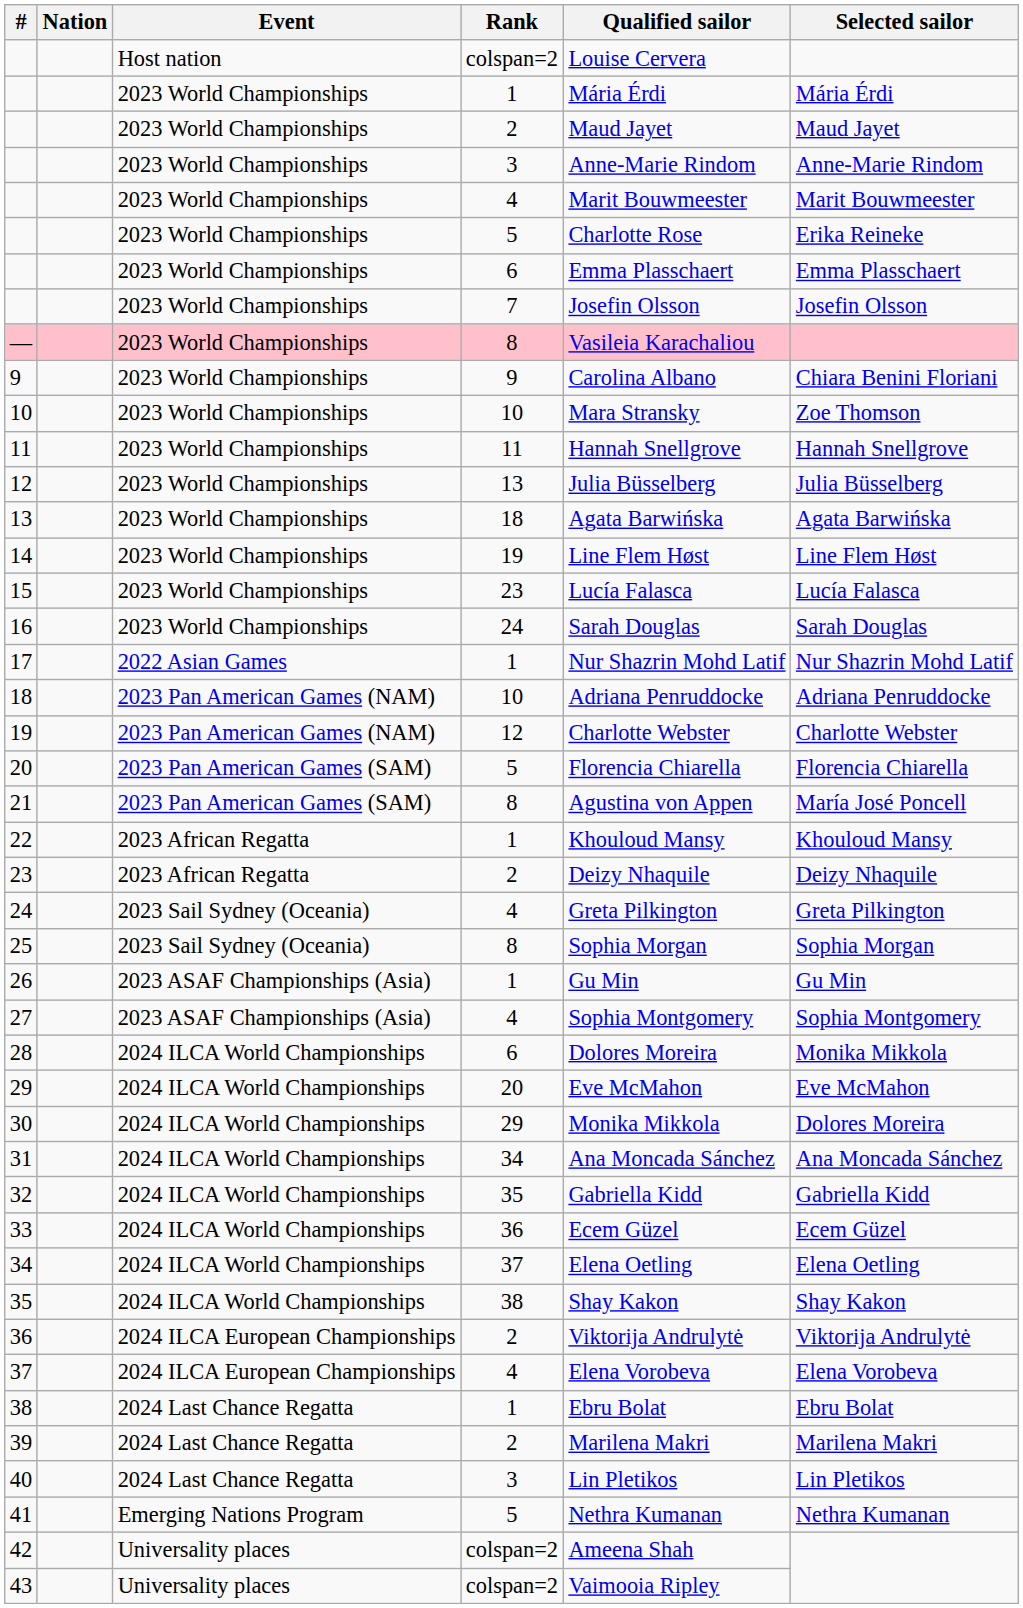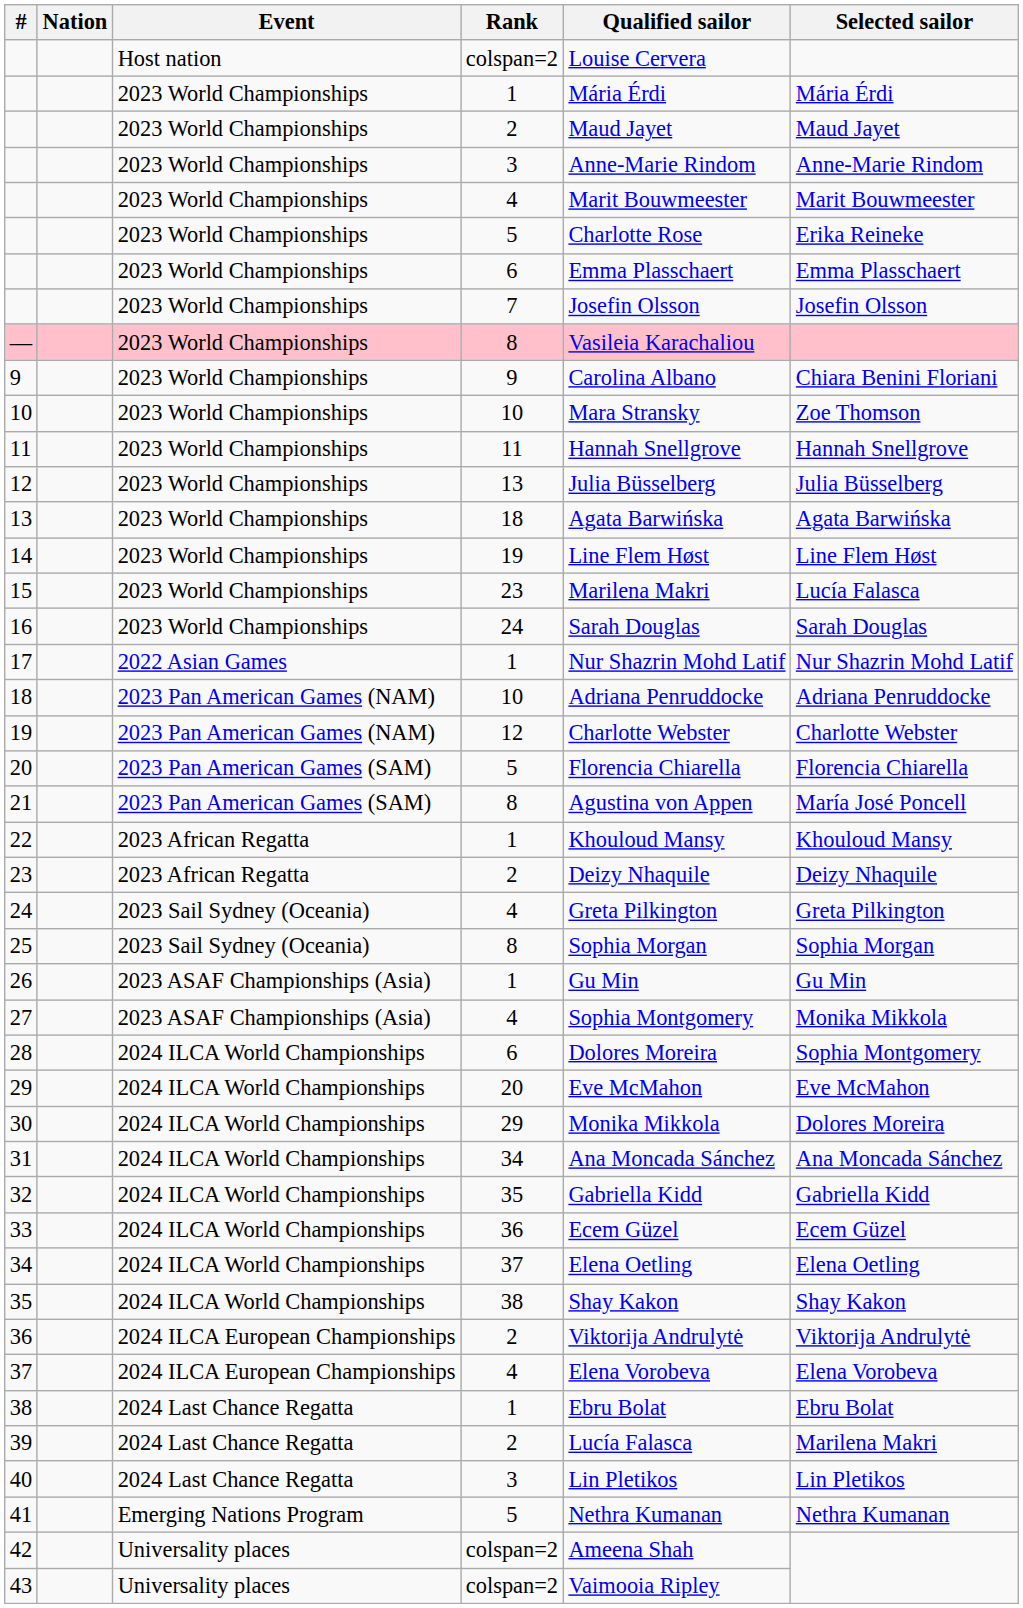 <table class="sortable wikitable">
 <tr>
 <th>#</th>
 <th>Nation</th>
 <th>Event</th>
 <th>Rank</th>
 <th>Qualified sailor</th>
 <th>Selected sailor</th>
 </tr>
 <tr>
 <td></td>
 <td></td>
 <td>Host nation</td>
 <td>colspan=2 </td>
 <td><a href='#'>Louise Cervera</a></td>
 </tr>
 <tr>
 <td></td>
 <td></td>
 <td>2023 World Championships</td>
 <td align=center>1</td>
 <td><a href='#'>Mária Érdi</a></td>
 <td><a href='#'>Mária Érdi</a></td>
 </tr>
 <tr>
 <td></td>
 <td></td>
 <td>2023 World Championships</td>
 <td align=center>2</td>
 <td><a href='#'>Maud Jayet</a></td>
 <td><a href='#'>Maud Jayet</a></td>
 </tr>
 <tr>
 <td></td>
 <td></td>
 <td>2023 World Championships</td>
 <td align=center>3</td>
 <td><a href='#'>Anne-Marie Rindom</a></td>
 <td><a href='#'>Anne-Marie Rindom</a></td>
 </tr>
 <tr>
 <td></td>
 <td></td>
 <td>2023 World Championships</td>
 <td align=center>4</td>
 <td><a href='#'>Marit Bouwmeester</a></td>
 <td><a href='#'>Marit Bouwmeester</a></td>
 </tr>
 <tr>
 <td></td>
 <td></td>
 <td>2023 World Championships</td>
 <td align=center>5</td>
 <td><a href='#'>Charlotte Rose</a></td>
 <td><a href='#'>Erika Reineke</a></td>
 </tr>
 <tr>
 <td></td>
 <td></td>
 <td>2023 World Championships</td>
 <td align=center>6</td>
 <td><a href='#'>Emma Plasschaert</a></td>
 <td><a href='#'>Emma Plasschaert</a></td>
 </tr>
 <tr>
 <td></td>
 <td></td>
 <td>2023 World Championships</td>
 <td align=center>7</td>
 <td><a href='#'>Josefin Olsson</a></td>
 <td><a href='#'>Josefin Olsson</a></td>
 </tr>
 <tr style="background:pink;">
 <td>—</td>
 <td></td>
 <td>2023 World Championships</td>
 <td align=center>8</td>
 <td><a href='#'>Vasileia Karachaliou</a></td>
 <td></td>
 </tr>
 <tr>
 <td>9</td>
 <td></td>
 <td>2023 World Championships</td>
 <td align=center>9</td>
 <td><a href='#'>Carolina Albano</a></td>
 <td><a href='#'>Chiara Benini Floriani</a></td>
 </tr>
 <tr>
 <td>10</td>
 <td></td>
 <td>2023 World Championships</td>
 <td align=center>10</td>
 <td><a href='#'>Mara Stransky</a></td>
 <td><a href='#'>Zoe Thomson</a></td>
 </tr>
 <tr>
 <td>11</td>
 <td></td>
 <td>2023 World Championships</td>
 <td align=center>11</td>
 <td><a href='#'>Hannah Snellgrove</a></td>
 <td><a href='#'>Hannah Snellgrove</a></td>
 </tr>
 <tr>
 <td>12</td>
 <td></td>
 <td>2023 World Championships</td>
 <td align=center>13</td>
 <td><a href='#'>Julia Büsselberg</a></td>
 <td><a href='#'>Julia Büsselberg</a></td>
 </tr>
 <tr>
 <td>13</td>
 <td></td>
 <td>2023 World Championships</td>
 <td align=center>18</td>
 <td><a href='#'>Agata Barwińska</a></td>
 <td><a href='#'>Agata Barwińska</a></td>
 </tr>
 <tr>
 <td>14</td>
 <td></td>
 <td>2023 World Championships</td>
 <td align=center>19</td>
 <td><a href='#'>Line Flem Høst</a></td>
 <td><a href='#'>Line Flem Høst</a></td>
 </tr>
 <tr>
 <td>15</td>
 <td></td>
 <td>2023 World Championships</td>
 <td align=center>23</td>
-<td><a href='#'>Lucía Falasca</a></td>
+<td><a href='#'>Marilena Makri</a></td>
 <td><a href='#'>Lucía Falasca</a></td>
 </tr>
 <tr>
 <td>16</td>
 <td></td>
 <td>2023 World Championships</td>
 <td align=center>24</td>
 <td><a href='#'>Sarah Douglas</a></td>
 <td><a href='#'>Sarah Douglas</a></td>
 </tr>
 <tr>
 <td>17</td>
 <td></td>
 <td><a href='#'>2022 Asian Games</a></td>
 <td align=center>1</td>
 <td><a href='#'>Nur Shazrin Mohd Latif</a></td>
 <td><a href='#'>Nur Shazrin Mohd Latif</a></td>
 </tr>
 <tr>
 <td>18</td>
 <td></td>
 <td><a href='#'>2023 Pan American Games</a> (NAM)</td>
 <td align=center>10</td>
 <td><a href='#'>Adriana Penruddocke</a></td>
 <td><a href='#'>Adriana Penruddocke</a></td>
 </tr>
 <tr>
 <td>19</td>
 <td></td>
 <td><a href='#'>2023 Pan American Games</a> (NAM)</td>
 <td align=center>12</td>
 <td><a href='#'>Charlotte Webster</a></td>
 <td><a href='#'>Charlotte Webster</a></td>
 </tr>
 <tr>
 <td>20</td>
 <td></td>
 <td><a href='#'>2023 Pan American Games</a> (SAM)</td>
 <td align=center>5</td>
 <td><a href='#'>Florencia Chiarella</a></td>
 <td><a href='#'>Florencia Chiarella</a></td>
 </tr>
 <tr>
 <td>21</td>
 <td></td>
 <td><a href='#'>2023 Pan American Games</a> (SAM)</td>
 <td align=center>8</td>
 <td><a href='#'>Agustina von Appen</a></td>
 <td><a href='#'>María José Poncell</a></td>
 </tr>
 <tr>
 <td>22</td>
 <td></td>
 <td>2023 African Regatta</td>
 <td align=center>1</td>
 <td><a href='#'>Khouloud Mansy</a></td>
 <td><a href='#'>Khouloud Mansy</a></td>
 </tr>
 <tr>
 <td>23</td>
 <td></td>
 <td>2023 African Regatta</td>
 <td align=center>2</td>
 <td><a href='#'>Deizy Nhaquile</a></td>
 <td><a href='#'>Deizy Nhaquile</a></td>
 </tr>
 <tr>
 <td>24</td>
 <td></td>
 <td>2023 Sail Sydney (Oceania)</td>
 <td align=center>4</td>
 <td><a href='#'>Greta Pilkington</a></td>
 <td><a href='#'>Greta Pilkington</a></td>
 </tr>
 <tr>
 <td>25</td>
 <td></td>
 <td>2023 Sail Sydney (Oceania)</td>
 <td align=center>8</td>
 <td><a href='#'>Sophia Morgan</a></td>
 <td><a href='#'>Sophia Morgan</a></td>
 </tr>
 <tr>
 <td>26</td>
 <td></td>
 <td>2023 ASAF Championships (Asia)</td>
 <td align=center>1</td>
 <td><a href='#'>Gu Min</a></td>
 <td><a href='#'>Gu Min</a></td>
 </tr>
 <tr>
 <td>27</td>
 <td></td>
 <td>2023 ASAF Championships (Asia)</td>
 <td align=center>4</td>
 <td><a href='#'>Sophia Montgomery</a></td>
-<td><a href='#'>Sophia Montgomery</a></td>
+<td><a href='#'>Monika Mikkola</a></td>
 </tr>
 <tr>
 <td>28</td>
 <td></td>
 <td>2024 ILCA World Championships</td>
 <td align=center>6</td>
 <td><a href='#'>Dolores Moreira</a></td>
-<td><a href='#'>Monika Mikkola</a></td>
+<td><a href='#'>Sophia Montgomery</a></td>
 </tr>
 <tr>
 <td>29</td>
 <td></td>
 <td>2024 ILCA World Championships</td>
 <td align=center>20</td>
 <td><a href='#'>Eve McMahon</a></td>
 <td><a href='#'>Eve McMahon</a></td>
 </tr>
 <tr>
 <td>30</td>
 <td></td>
 <td>2024 ILCA World Championships</td>
 <td align=center>29</td>
 <td><a href='#'>Monika Mikkola</a></td>
 <td><a href='#'>Dolores Moreira</a></td>
 </tr>
 <tr>
 <td>31</td>
 <td></td>
 <td>2024 ILCA World Championships</td>
 <td align=center>34</td>
 <td><a href='#'>Ana Moncada Sánchez</a></td>
 <td><a href='#'>Ana Moncada Sánchez</a></td>
 </tr>
 <tr>
 <td>32</td>
 <td></td>
 <td>2024 ILCA World Championships</td>
 <td align=center>35</td>
 <td><a href='#'>Gabriella Kidd</a></td>
 <td><a href='#'>Gabriella Kidd</a></td>
 </tr>
 <tr>
 <td>33</td>
 <td></td>
 <td>2024 ILCA World Championships</td>
 <td align=center>36</td>
 <td><a href='#'>Ecem Güzel</a></td>
 <td><a href='#'>Ecem Güzel</a></td>
 </tr>
 <tr>
 <td>34</td>
 <td></td>
 <td>2024 ILCA World Championships</td>
 <td align=center>37</td>
 <td><a href='#'>Elena Oetling</a></td>
 <td><a href='#'>Elena Oetling</a></td>
 </tr>
 <tr>
 <td>35</td>
 <td></td>
 <td>2024 ILCA World Championships</td>
 <td align=center>38</td>
 <td><a href='#'>Shay Kakon</a></td>
 <td><a href='#'>Shay Kakon</a></td>
 </tr>
 <tr>
 <td>36</td>
 <td></td>
 <td>2024 ILCA European Championships</td>
 <td align=center>2</td>
 <td><a href='#'>Viktorija Andrulytė</a></td>
 <td><a href='#'>Viktorija Andrulytė</a></td>
 </tr>
 <tr>
 <td>37</td>
 <td></td>
 <td>2024 ILCA European Championships</td>
 <td align=center>4</td>
 <td><a href='#'>Elena Vorobeva</a></td>
 <td><a href='#'>Elena Vorobeva</a></td>
 </tr>
 <tr>
 <td>38</td>
 <td></td>
 <td>2024 Last Chance Regatta</td>
 <td align=center>1</td>
 <td><a href='#'>Ebru Bolat</a></td>
 <td><a href='#'>Ebru Bolat</a></td>
 </tr>
 <tr>
 <td>39</td>
 <td></td>
 <td>2024 Last Chance Regatta</td>
 <td align=center>2</td>
-<td><a href='#'>Marilena Makri</a></td>
+<td><a href='#'>Lucía Falasca</a></td>
 <td><a href='#'>Marilena Makri</a></td>
 </tr>
 <tr>
 <td>40</td>
 <td></td>
 <td>2024 Last Chance Regatta</td>
 <td align=center>3</td>
 <td><a href='#'>Lin Pletikos</a></td>
 <td><a href='#'>Lin Pletikos</a></td>
 </tr>
 <tr>
 <td>41</td>
 <td></td>
 <td>Emerging Nations Program</td>
 <td align=center>5</td>
 <td><a href='#'>Nethra Kumanan</a></td>
 <td><a href='#'>Nethra Kumanan</a></td>
 </tr>
 <tr>
 <td>42</td>
 <td></td>
 <td>Universality places</td>
 <td>colspan=2 </td>
 <td><a href='#'>Ameena Shah</a></td>
 </tr>
 <tr>
 <td>43</td>
 <td></td>
 <td>Universality places</td>
 <td>colspan=2 </td>
 <td><a href='#'>Vaimooia Ripley</a></td>
 </tr>
 </table>
